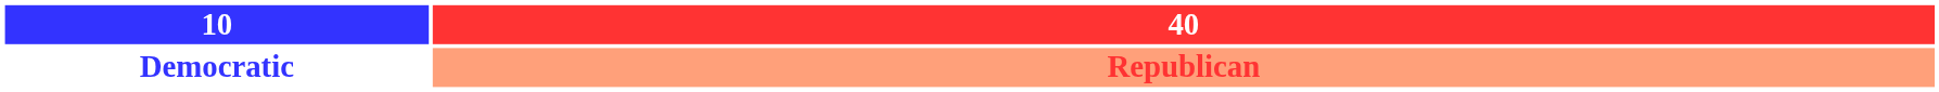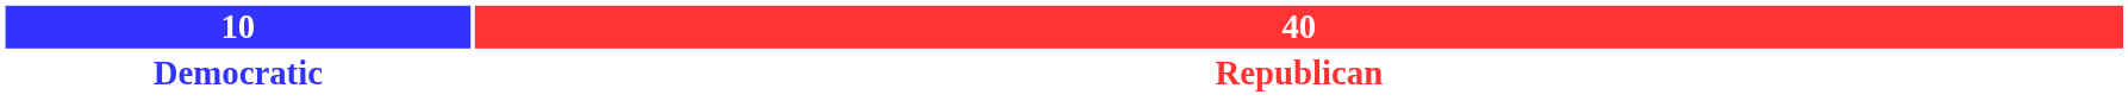 <table style="width:50%">
 <tr>
 <td scope="row" colspan="3" style="text-align:center"></td>
 </tr>
 <tr>
 <td scope="row" style="background:#33F; width:22%; text-align:center; color:white"><strong>10</strong><br></td>
 <td style="background:#F33; width:78%; text-align:center; color:white"><strong>40</strong></td>
 </tr>
 <tr>
 <td scope="row" style="text-align:center; color:#33F"><strong>Democratic</strong><br></td>
-<td style="background: lightsalmon; text-align:center; color:#F33"><strong>Republican</strong></td>
+<td style="text-align:center; color:#F33"><strong>Republican</strong></td>
 </tr>
 </table>
